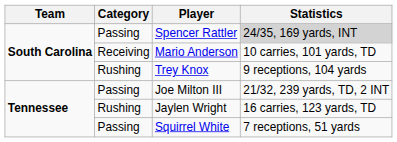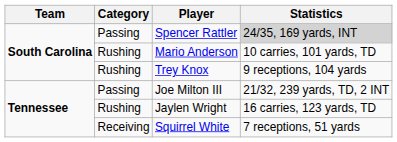 <table class="wikitable" style="float: right;">
 <tr>
 <th>Team</th>
 <th>Category</th>
 <th>Player</th>
 <th>Statistics</th>
 </tr>
 <tr>
 <td rowspan=3><strong>South Carolina</strong></td>
 <td>Passing</td>
 <td><a href='#'>Spencer Rattler</a></td>
 <td style="background: lightgrey;">24/35, 169 yards, INT</td>
 </tr>
 <tr>
-<td>Receiving</td>
+<td>Rushing</td>
 <td><a href='#'>Mario Anderson</a></td>
 <td>10 carries, 101 yards, TD</td>
 </tr>
 <tr>
 <td>Rushing</td>
 <td><a href='#'>Trey Knox</a></td>
 <td>9 receptions, 104 yards</td>
 </tr>
 <tr>
 <td rowspan=3><strong>Tennessee</strong></td>
 <td>Passing</td>
 <td>Joe Milton III</td>
 <td>21/32, 239 yards, TD, 2 INT</td>
 </tr>
 <tr>
 <td>Rushing</td>
 <td>Jaylen Wright</td>
 <td>16 carries, 123 yards, TD</td>
 </tr>
 <tr>
-<td>Passing</td>
+<td>Receiving</td>
 <td><a href='#'>Squirrel White</a></td>
 <td>7 receptions, 51 yards</td>
 </tr>
 </table>
